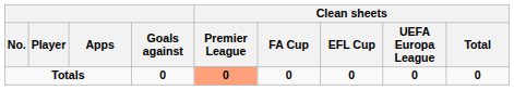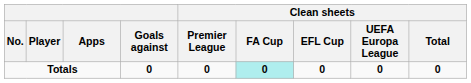 <table class="wikitable sortable alternance" style="text-align:center">
 <tr>
 <th colspan="4"></th>
 <th colspan="8">Clean sheets</th>
 </tr>
 <tr>
 <th>No.</th>
 <th>Player</th>
 <th width=80>Apps</th>
 <th width=80>Goals against</th>
 <th width=80>Premier League</th>
 <th width=80>FA Cup</th>
 <th width=80>EFL Cup</th>
 <th width=80>UEFA Europa League</th>
 <th width=80>Total</th>
 </tr>
 <tr>
 <td colspan="3"><strong>Totals</strong></td>
 <td><strong>0</strong></td>
-<td style="background: lightsalmon;"><strong>0</strong></td>
 <td><strong>0</strong></td>
+<td style="background: paleturquoise;"><strong>0</strong></td>
 <td><strong>0</strong></td>
 <td><strong>0</strong></td>
 <td><strong>0</strong></td>
 </tr>
 </table>
